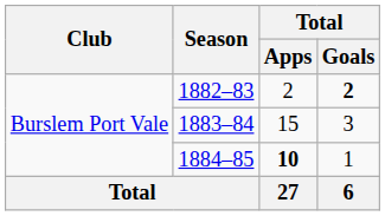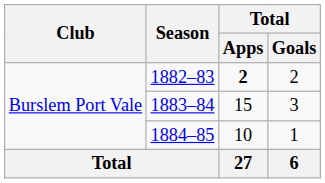 <table class="wikitable" style="text-align:center">
 <tr>
 <th rowspan="2">Club</th>
 <th rowspan="2">Season</th>
 <th colspan="2">Total</th>
 </tr>
 <tr>
 <th>Apps</th>
 <th>Goals</th>
 </tr>
 <tr>
 <td rowspan="3"><a href='#'>Burslem Port Vale</a></td>
 <td><a href='#'>1882–83</a></td>
+<td><strong>2</strong></td>
 <td>2</td>
-<td><strong>2</strong></td>
 </tr>
 <tr>
 <td><a href='#'>1883–84</a></td>
 <td>15</td>
 <td>3</td>
 </tr>
 <tr>
 <td><a href='#'>1884–85</a></td>
-<td><strong>10</strong></td>
+<td>10</td>
 <td>1</td>
 </tr>
 <tr>
 <th colspan="2">Total</th>
 <th>27</th>
 <th>6</th>
 </tr>
 </table>
